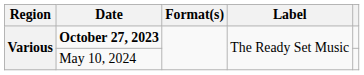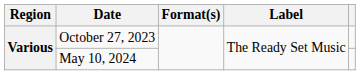 <table class="wikitable plainrowheaders">
 <tr>
 <th scope="col">Region</th>
 <th scope="col">Date</th>
 <th scope="col">Format(s)</th>
 <th scope="col">Label</th>
 <th scope="col"></th>
 </tr>
 <tr>
 <th scope="row" rowspan="2">Various</th>
-<td><strong>October 27, 2023</strong></td>
+<td>October 27, 2023</td>
 <td rowspan="2"></td>
 <td rowspan="2">The Ready Set Music</td>
 <td style="text-align:center;"></td>
 </tr>
 <tr>
 <td>May 10, 2024</td>
 <td style="text-align:center;"></td>
 </tr>
 </table>
